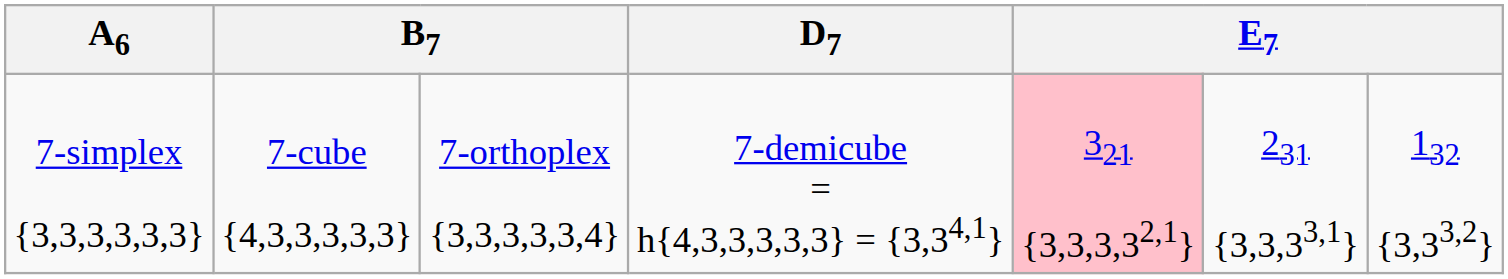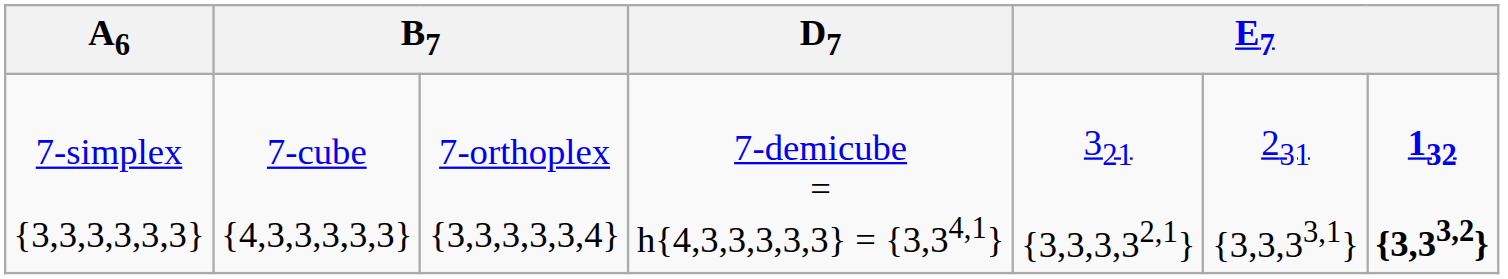 <table class=wikitable>
 <tr>
 <th>A<sub>6</sub></th>
 <th colspan=2>B<sub>7</sub></th>
 <th>D<sub>7</sub></th>
 <th colspan=3><a href='#'>E<sub>7</sub></a></th>
 </tr>
 <tr align=center>
 <td><br><a href='#'>7-simplex</a><br><br>{3,3,3,3,3,3}</td>
 <td><br><a href='#'>7-cube</a><br><br>{4,3,3,3,3,3}</td>
 <td><br><a href='#'>7-orthoplex</a><br><br>{3,3,3,3,3,4}</td>
 <td><br><a href='#'>7-demicube</a><br> = <br>h{4,3,3,3,3,3} = {3,3<sup>4,1</sup>}</td>
-<td style="background: pink;"><br><a href='#'>3<sub>21</sub></a><br><br>{3,3,3,3<sup>2,1</sup>}</td>
+<td><br><a href='#'>3<sub>21</sub></a><br><br>{3,3,3,3<sup>2,1</sup>}</td>
 <td><br><a href='#'>2<sub>31</sub></a><br><br>{3,3,3<sup>3,1</sup>}</td>
-<td><br><a href='#'>1<sub>32</sub></a><br><br>{3,3<sup>3,2</sup>}</td>
+<td><strong><br><a href='#'>1<sub>32</sub></a><br><br>{3,3<sup>3,2</sup>}</strong></td>
 </tr>
 </table>
